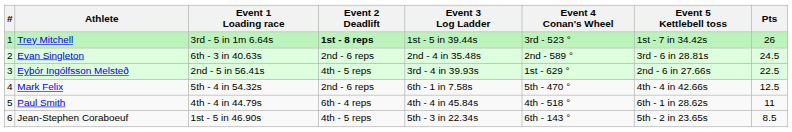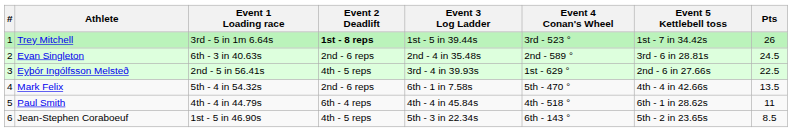 <table class="wikitable sortable" style="display: inline-table;width: 100%;">
 <tr>
 <th scope="col" style="width: 10px;">#</th>
 <th scope="col">Athlete</th>
 <th scope="col">Event 1<br>Loading race</th>
 <th scope="col">Event 2<br>Deadlift</th>
 <th scope="col">Event 3<br>Log Ladder</th>
 <th scope="col">Event 4<br>Conan's Wheel</th>
 <th scope="col">Event 5<br>Kettlebell toss</th>
 <th scope="col">Pts</th>
 </tr>
 <tr bgcolor=bbf3bb>
 <td align=center>1</td>
 <td> <a href='#'>Trey Mitchell</a></td>
 <td>3rd - 5 in 1m 6.64s</td>
 <td><strong>1st - 8 reps</strong></td>
 <td>1st - 5 in 39.44s</td>
 <td>3rd - 523 °</td>
 <td>1st - 7 in 34.42s</td>
 <td align=center>26</td>
 </tr>
 <tr bgcolor=ddffdd>
 <td align=center>2</td>
 <td> <a href='#'>Evan Singleton</a></td>
 <td>6th - 3 in 40.63s</td>
 <td>2nd - 6 reps</td>
 <td>2nd - 4 in 35.48s</td>
 <td>2nd - 589 °</td>
 <td>3rd - 6 in 28.81s</td>
 <td align=center>24.5</td>
 </tr>
 <tr bgcolor=ddffdd>
 <td align=center>3</td>
 <td> <a href='#'>Eyþór Ingólfsson Melsteð</a></td>
 <td>2nd - 5 in 56.41s</td>
 <td>4th - 5 reps</td>
 <td>3rd - 4 in 39.93s</td>
 <td>1st - 629 °</td>
 <td>2nd - 6 in 27.66s</td>
 <td align=center>22.5</td>
 </tr>
 <tr>
 <td align=center>4</td>
 <td> <a href='#'>Mark Felix</a></td>
 <td>5th - 4 in 54.32s</td>
 <td>2nd - 6 reps</td>
 <td>6th - 1 in 7.58s</td>
 <td>5th - 470 °</td>
 <td>4th - 4 in 42.66s</td>
-<td align=center>12.5</td>
+<td align=center>13.5</td>
 </tr>
 <tr>
 <td align=center>5</td>
 <td> <a href='#'>Paul Smith</a></td>
 <td>4th - 4 in 44.79s</td>
 <td>6th - 4 reps</td>
 <td>4th - 4 in 45.84s</td>
 <td>4th - 518 °</td>
 <td>6th - 1 in 28.62s</td>
 <td align=center>11</td>
 </tr>
 <tr>
 <td align=center>6</td>
 <td> Jean-Stephen Coraboeuf</td>
 <td>1st - 5 in 46.90s</td>
 <td>4th - 5 reps</td>
 <td>5th - 3 in 22.34s</td>
 <td>6th - 143 °</td>
 <td>5th - 2 in 23.65s</td>
 <td align=center>8.5</td>
 </tr>
 </table>
